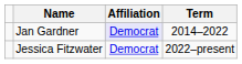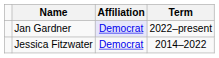 <table class="wikitable">
 <tr>
 <td> </td>
 <th style="text-align:center;">Name</th>
 <th valign=bottom>Affiliation</th>
 <th style="vertical-align:bottom; text-align:center;">Term</th>
 </tr>
 <tr>
 <td style="background-color:"> </td>
 <td>Jan Gardner</td>
 <td style="background: lavender; text-align:center;"><a href='#'>Democrat</a></td>
-<td style="text-align:center;">2014–2022</td>
+<td style="text-align:center;">2022–present</td>
 </tr>
 <tr>
 <td style="background-color:"> </td>
 <td>Jessica Fitzwater</td>
 <td style="text-align:center;"><a href='#'>Democrat</a></td>
-<td style="text-align:center;">2022–present</td>
+<td style="text-align:center;">2014–2022</td>
 </tr>
 </table>
